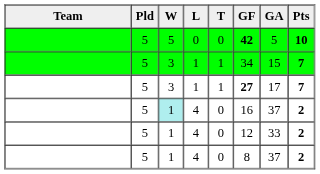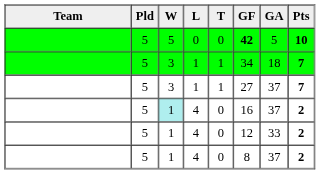 <table border=1 cellpadding=5 cellspacing=0>
 <tr>
 <th bgcolor="#efefef" width="150">Team</th>
 <th bgcolor="#efefef" width="20">Pld</th>
 <th bgcolor="#efefef" width="20">W</th>
 <th bgcolor="#efefef" width="20">L</th>
 <th bgcolor="#efefef" width="20">T</th>
 <th bgcolor="#efefef" width="20">GF</th>
 <th bgcolor="#efefef" width="20">GA</th>
 <th bgcolor="#efefef" width="20">Pts</th>
 </tr>
 <tr align=center bgcolor="lime">
 <td align=left></td>
 <td>5</td>
 <td>5</td>
 <td>0</td>
 <td>0</td>
 <td><strong>42</strong></td>
 <td>5</td>
 <td><strong>10</strong></td>
 </tr>
 <tr align=center bgcolor="lime">
 <td align=left></td>
 <td>5</td>
 <td>3</td>
 <td>1</td>
 <td>1</td>
 <td>34</td>
-<td>15</td>
+<td>18</td>
 <td><strong>7</strong></td>
 </tr>
 <tr align=center>
 <td align=left></td>
 <td>5</td>
 <td>3</td>
 <td>1</td>
 <td>1</td>
-<td><strong>27</strong></td>
-<td>17</td>
+<td>27</td>
+<td>37</td>
 <td><strong>7</strong></td>
 </tr>
 <tr align=center>
 <td align=left></td>
 <td>5</td>
 <td style="background: paleturquoise;">1</td>
 <td>4</td>
 <td>0</td>
 <td>16</td>
 <td>37</td>
 <td><strong>2</strong></td>
 </tr>
 <tr align=center>
 <td align=left></td>
 <td>5</td>
 <td>1</td>
 <td>4</td>
 <td>0</td>
 <td>12</td>
 <td>33</td>
 <td><strong>2</strong></td>
 </tr>
 <tr align=center>
 <td align=left></td>
 <td>5</td>
 <td>1</td>
 <td>4</td>
 <td>0</td>
 <td>8</td>
 <td>37</td>
 <td><strong>2</strong></td>
 </tr>
 </table>
